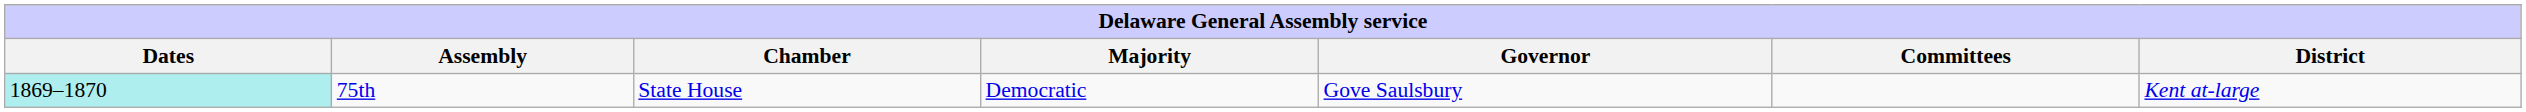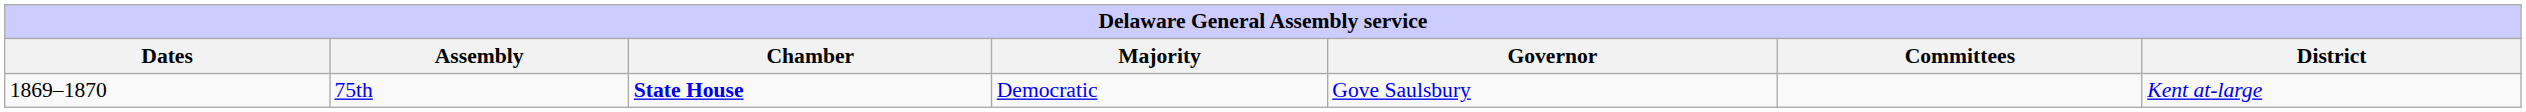 <table class=wikitable style="width: 94%" style="text-align: center;" align="center">
 <tr bgcolor=#cccccc>
 <th colspan=7 style="background: #ccccff;">Delaware General Assembly service</th>
 </tr>
 <tr>
 <th><strong>Dates</strong></th>
 <th><strong>Assembly</strong></th>
 <th><strong>Chamber</strong></th>
 <th><strong>Majority</strong></th>
 <th><strong>Governor</strong></th>
 <th><strong>Committees</strong></th>
 <th><strong>District</strong></th>
 </tr>
 <tr>
-<td style="background: paleturquoise;">1869–1870</td>
+<td>1869–1870</td>
 <td><a href='#'>75th</a></td>
-<td><a href='#'>State House</a></td>
+<td><strong><a href='#'>State House</a></strong></td>
 <td><a href='#'>Democratic</a></td>
 <td><a href='#'>Gove Saulsbury</a></td>
 <td></td>
 <td><a href='#'><em>Kent at-large</em></a></td>
 </tr>
 </table>
